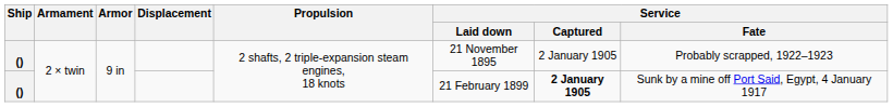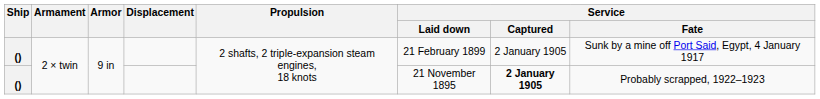 <table class="wikitable plainrowheaders" style="text-align: center;">
 <tr valign="top">
 <th scope="col" rowspan="2">Ship</th>
 <th scope="col" rowspan="2">Armament</th>
 <th scope="col" rowspan="2">Armor</th>
 <th scope="col" rowspan="2">Displacement</th>
 <th scope="col" rowspan="2">Propulsion</th>
 <th scope="col" colspan="3">Service</th>
 </tr>
 <tr valign="top">
 <th scope="col">Laid down</th>
 <th scope="col">Captured</th>
 <th scope="col">Fate</th>
 </tr>
 <tr valign="center">
 <th scope="row"><br>()</th>
 <td rowspan="2">2 × twin </td>
 <td rowspan="2">9 in</td>
 <td></td>
 <td rowspan="2">2 shafts, 2 triple-expansion steam engines,<br>18 knots</td>
-<td>21 November 1895</td>
+<td>21 February 1899</td>
 <td>2 January 1905</td>
-<td>Probably scrapped, 1922–1923</td>
+<td>Sunk by a mine off <a href='#'>Port Said</a>, Egypt, 4 January 1917</td>
 </tr>
 <tr valign="center">
 <th scope="row"><br>()</th>
 <td></td>
-<td>21 February 1899</td>
+<td>21 November 1895</td>
 <td><strong>2 January 1905</strong></td>
-<td>Sunk by a mine off <a href='#'>Port Said</a>, Egypt, 4 January 1917</td>
+<td>Probably scrapped, 1922–1923</td>
 </tr>
 </table>
